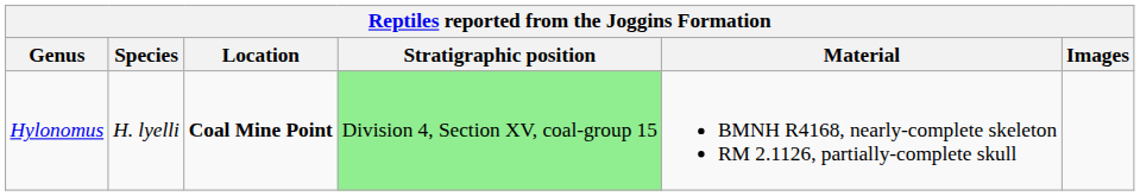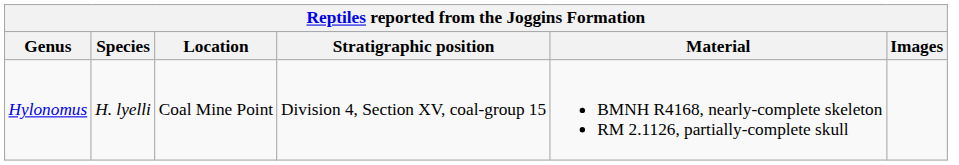 <table class="wikitable sortable mw-collapsible">
 <tr>
 <th colspan="7" style="text-align:center;"><strong><a href='#'>Reptiles</a> reported from the Joggins Formation</strong></th>
 </tr>
 <tr>
 <th>Genus</th>
 <th>Species</th>
 <th>Location</th>
 <th>Stratigraphic position</th>
 <th>Material</th>
 <th>Images</th>
 </tr>
 <tr>
 <td><em><a href='#'>Hylonomus</a></em></td>
 <td><em>H. lyelli</em></td>
-<td><strong>Coal Mine Point</strong></td>
-<td style="background: lightgreen;">Division 4, Section XV, coal-group 15</td>
+<td>Coal Mine Point</td>
+<td>Division 4, Section XV, coal-group 15</td>
 <td><br><ul><li>BMNH R4168, nearly-complete skeleton</li><li>RM 2.1126, partially-complete skull</li></ul></td>
 <td></td>
 </tr>
 </table>
